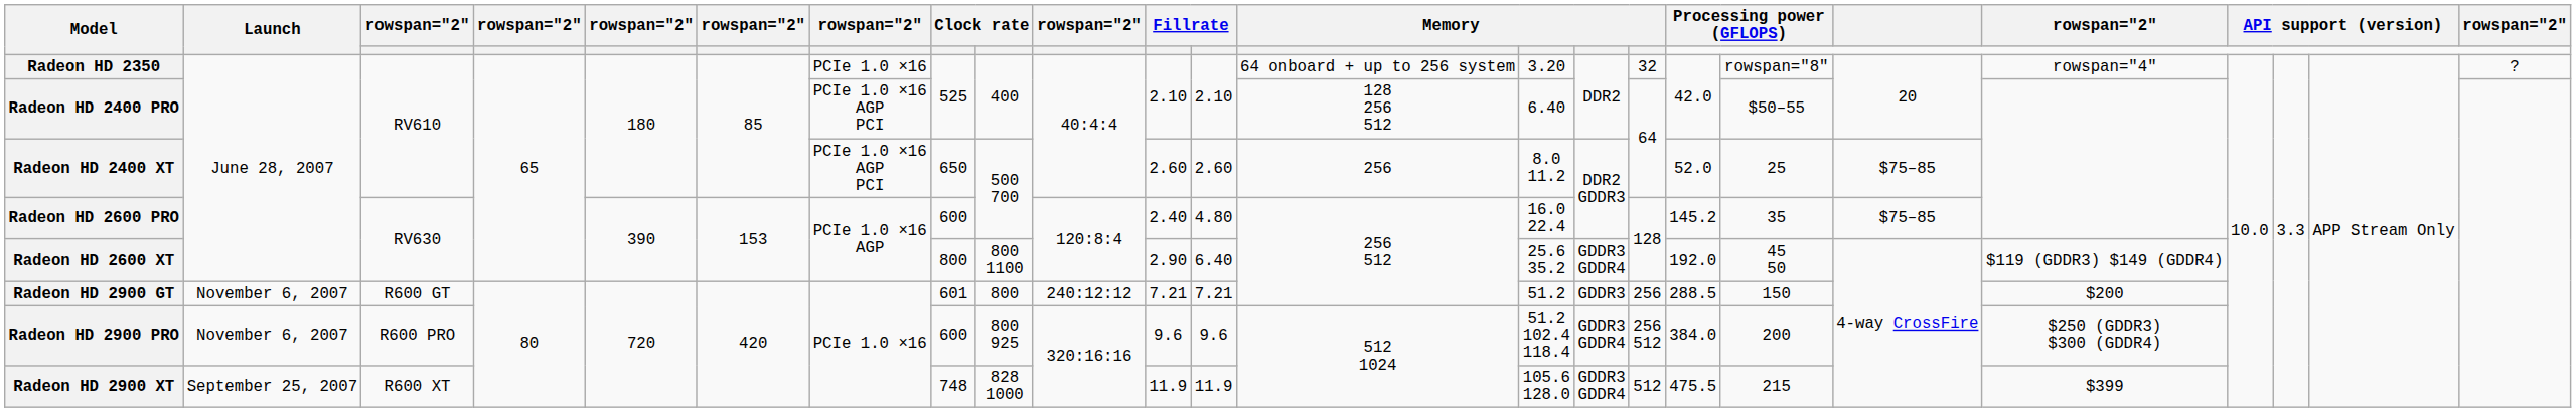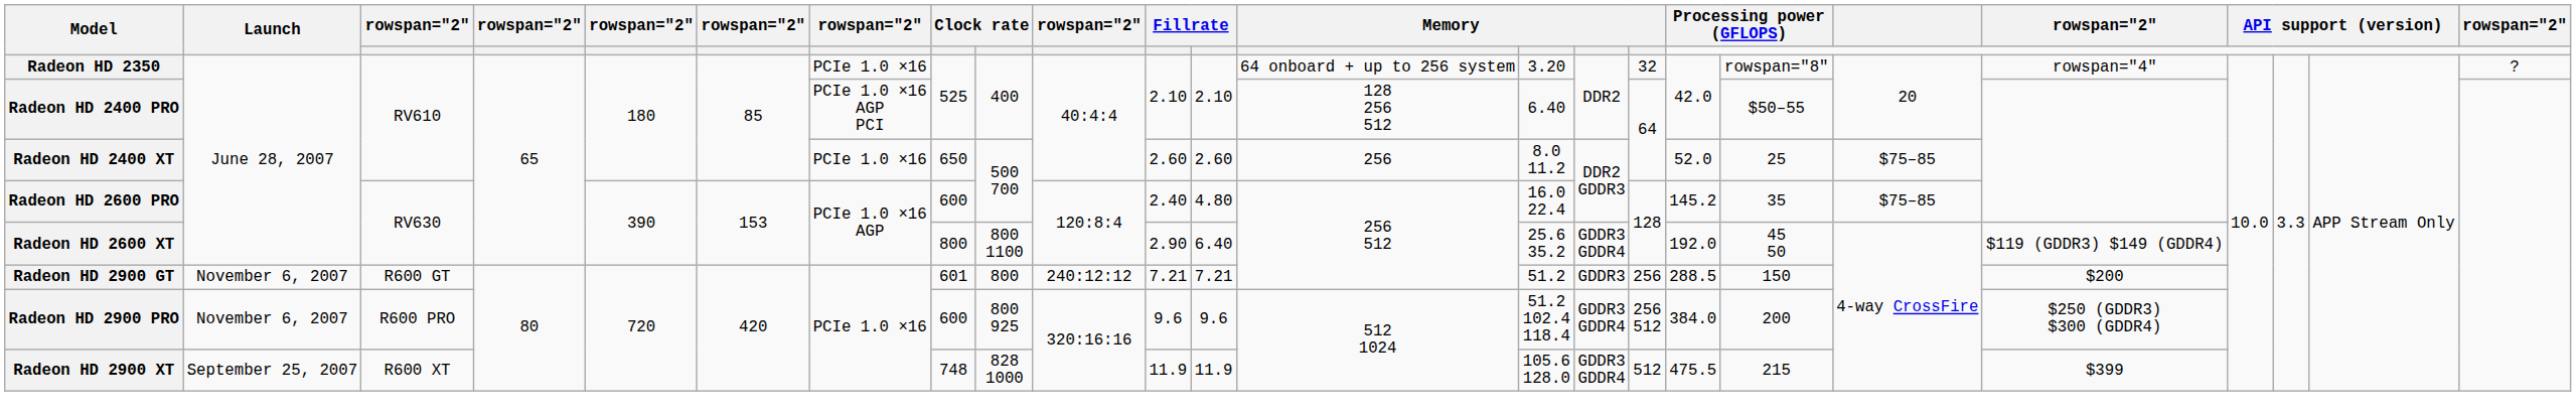 <table class="mw-datatable wikitable sortable" style="font-size:85%; text-align:center;">
 <tr>
 <th rowspan="2">Model</th>
 <th rowspan="2">Launch</th>
 <th>rowspan="2" </th>
 <th>rowspan="2" </th>
 <th>rowspan="2" </th>
 <th>rowspan="2" </th>
 <th>rowspan="2" </th>
 <th colspan="2">Clock rate</th>
 <th>rowspan="2" </th>
 <th colspan="2"><a href='#'>Fillrate</a></th>
 <th colspan="4">Memory</th>
 <th colspan="2">Processing power<br>(<a href='#'>GFLOPS</a>)</th>
 <th></th>
 <th>rowspan="2" </th>
 <th colspan="3"><a href='#'>API</a> support (version)</th>
 <th>rowspan="2" </th>
 </tr>
 <tr>
 <th></th>
 <th></th>
 <th></th>
 <th></th>
 <th></th>
 <th></th>
 <th></th>
 <th></th>
 <th></th>
 <th></th>
 <th></th>
 <th></th>
 <th></th>
 <th></th>
 </tr>
 <tr>
 <th>Radeon HD 2350</th>
 <td rowspan="5">June 28, 2007</td>
 <td rowspan="3">RV610</td>
 <td rowspan="5">65</td>
 <td rowspan="3">180</td>
 <td rowspan="3">85</td>
 <td>PCIe 1.0 ×16</td>
 <td rowspan="2">525</td>
 <td rowspan="2">400</td>
 <td rowspan="3">40:4:4</td>
 <td rowspan="2">2.10</td>
 <td rowspan="2">2.10</td>
 <td>64 onboard + up to 256 system</td>
 <td>3.20</td>
 <td rowspan="2">DDR2</td>
 <td>32</td>
 <td rowspan="2">42.0</td>
 <td>rowspan="8" </td>
 <td rowspan="2">20</td>
 <td>rowspan="4" </td>
 <td rowspan="8">10.0</td>
 <td rowspan="8">3.3</td>
 <td rowspan="8">APP Stream Only</td>
 <td>?</td>
 </tr>
 <tr>
 <th>Radeon HD 2400 PRO</th>
 <td>PCIe 1.0 ×16<br>AGP<br>PCI</td>
 <td>128<br>256<br>512</td>
 <td>6.40</td>
 <td rowspan="2">64</td>
 <td>$50–55</td>
 </tr>
 <tr>
 <th>Radeon HD 2400 XT</th>
-<td>PCIe 1.0 ×16<br>AGP<br>PCI</td>
+<td>PCIe 1.0 ×16</td>
 <td>650</td>
 <td rowspan="2">500<br>700</td>
 <td>2.60</td>
 <td>2.60</td>
 <td>256</td>
 <td>8.0<br>11.2</td>
 <td rowspan="2">DDR2<br>GDDR3</td>
 <td>52.0</td>
 <td>25</td>
 <td>$75–85</td>
 </tr>
 <tr>
 <th>Radeon HD 2600 PRO</th>
 <td rowspan="2">RV630</td>
 <td rowspan="2">390</td>
 <td rowspan="2">153</td>
 <td rowspan="2">PCIe 1.0 ×16<br>AGP</td>
 <td>600</td>
 <td rowspan="2">120:8:4</td>
 <td>2.40</td>
 <td>4.80</td>
 <td rowspan="3">256<br>512</td>
 <td>16.0<br>22.4</td>
 <td rowspan="2">128</td>
 <td>145.2</td>
 <td>35</td>
 <td>$75–85</td>
 </tr>
 <tr>
 <th>Radeon HD 2600 XT</th>
 <td>800</td>
 <td>800<br>1100</td>
 <td>2.90</td>
 <td>6.40</td>
 <td>25.6<br>35.2</td>
 <td>GDDR3<br>GDDR4</td>
 <td>192.0</td>
 <td>45<br>50</td>
 <td rowspan="4">4-way <a href='#'>CrossFire</a></td>
 <td>$119 (GDDR3) $149 (GDDR4)</td>
 </tr>
 <tr>
 <th>Radeon HD 2900 GT</th>
 <td>November 6, 2007</td>
 <td>R600 GT</td>
 <td rowspan="3">80</td>
 <td rowspan="3">720</td>
 <td rowspan="3">420</td>
 <td rowspan="3">PCIe 1.0 ×16</td>
 <td>601</td>
 <td>800</td>
 <td>240:12:12</td>
 <td>7.21</td>
 <td>7.21</td>
 <td>51.2</td>
 <td>GDDR3</td>
 <td>256</td>
 <td>288.5</td>
 <td>150</td>
 <td>$200</td>
 </tr>
 <tr>
 <th>Radeon HD 2900 PRO</th>
 <td>November 6, 2007</td>
 <td>R600 PRO</td>
 <td>600</td>
 <td>800<br>925</td>
 <td rowspan="2">320:16:16</td>
 <td>9.6</td>
 <td>9.6</td>
 <td rowspan="2">512<br>1024</td>
 <td>51.2<br>102.4<br>118.4</td>
 <td>GDDR3<br>GDDR4</td>
 <td>256<br>512</td>
 <td>384.0</td>
 <td>200</td>
 <td>$250 (GDDR3)<br>$300 (GDDR4)</td>
 </tr>
 <tr>
 <th>Radeon HD 2900 XT</th>
 <td>September 25, 2007</td>
 <td>R600 XT</td>
 <td>748</td>
 <td>828<br>1000</td>
 <td>11.9</td>
 <td>11.9</td>
 <td>105.6<br>128.0</td>
 <td>GDDR3<br>GDDR4</td>
 <td>512</td>
 <td>475.5</td>
 <td>215</td>
 <td>$399</td>
 </tr>
 </table>
